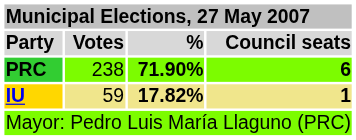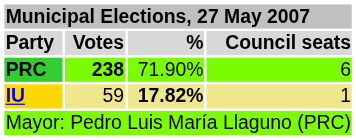 <table style="wikitable" style="margin:1em auto;">
 <tr>
 <td colspan="6" bgcolor="#C0C0C0"><strong>Municipal Elections, 27 May 2007</strong></td>
 </tr>
 <tr bgcolor="#D8D8D8">
 <td><strong>Party</strong></td>
 <td align="right"><strong>Votes</strong></td>
 <td align="right"><strong>%</strong></td>
 <td align="right"><strong>Council seats</strong></td>
 </tr>
 <tr>
 <td bgcolor="#32CD32"><strong>PRC</strong></td>
-<td bgcolor="#7CFC00" align="right">238</td>
-<td bgcolor="#7CFC00" align="right"><strong>71.90%</strong></td>
-<td bgcolor="#7CFC00" align="right"><strong>6</strong></td>
+<td bgcolor="#7CFC00" align="right"><strong>238</strong></td>
+<td bgcolor="#7CFC00" align="right">71.90%</td>
+<td bgcolor="#7CFC00" align="right">6</td>
 </tr>
 <tr>
 <td bgcolor="#FFD700"><strong><a href='#'>IU</a></strong></td>
 <td bgcolor="#F0E68C" align="right">59</td>
 <td bgcolor="#F0E68C" align="right"><strong>17.82%</strong></td>
-<td bgcolor="#F0E68C" align="right"><strong>1</strong></td>
+<td bgcolor="#F0E68C" align="right">1</td>
 </tr>
 <tr>
 <td colspan=4 bgcolor="#7CFC00">Mayor: Pedro Luis María Llaguno (PRC)</td>
 </tr>
 </table>
